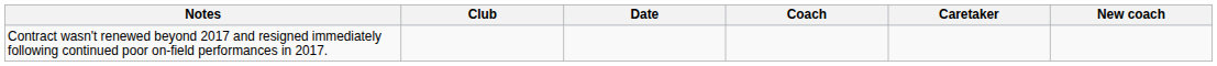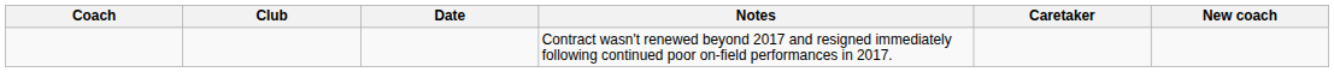 <table class="wikitable plainrowheaders sortable" style="text-align:left;">
 <tr style="background:#C1D8FF;">
-<th scope="col" style="width:30em">Notes</th>
+<th scope="col" style="width:12em">Coach</th>
 <th scope="col" style="width:12em">Club</th>
 <th scope="col" style="width:12em">Date</th>
-<th scope="col" style="width:12em">Coach</th>
+<th scope="col" style="width:30em">Notes</th>
 <th scope="col" style="width:12em">Caretaker</th>
 <th scope="col" style="width:12em">New coach</th>
 </tr>
 <tr>
-<td>Contract wasn't renewed beyond 2017 and resigned immediately following continued poor on-field performances in 2017.</td>
 <td></td>
 <td></td>
 <td></td>
+<td>Contract wasn't renewed beyond 2017 and resigned immediately following continued poor on-field performances in 2017.</td>
 <td></td>
 <td></td>
 </tr>
 </table>
